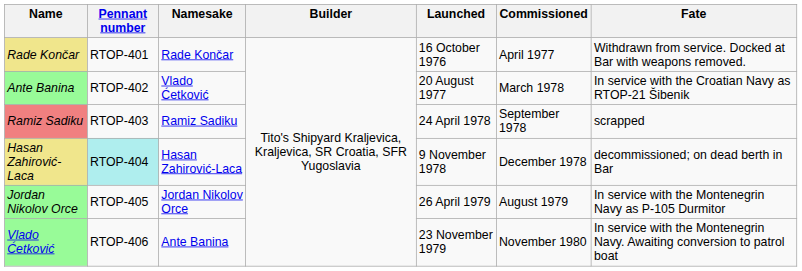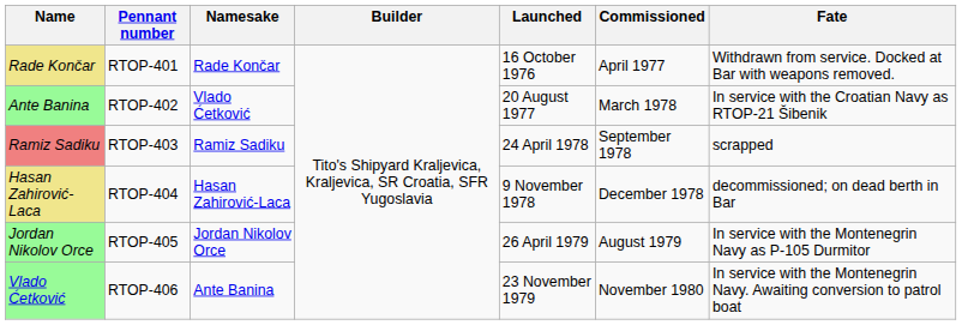 <table class=wikitable width=65%>
 <tr valign=top>
 <th>Name</th>
 <th><a href='#'>Pennant number</a></th>
 <th>Namesake</th>
 <th>Builder</th>
 <th>Launched</th>
 <th>Commissioned</th>
 <th>Fate</th>
 </tr>
 <tr valign=middle>
 <td style="background:Khaki;"><em>Rade Končar</em></td>
 <td>RTOP-401</td>
 <td><a href='#'>Rade Končar</a></td>
 <td align=center rowspan=6>Tito's Shipyard Kraljevica, Kraljevica, SR Croatia, SFR Yugoslavia</td>
 <td>16 October 1976</td>
 <td>April 1977</td>
 <td>Withdrawn from service.  Docked at Bar with weapons removed.</td>
 </tr>
 <tr valign=middle>
 <td style="background:PaleGreen;"><em>Ante Banina</em></td>
 <td>RTOP-402</td>
 <td><a href='#'>Vlado Ćetković</a></td>
 <td>20 August 1977</td>
 <td>March 1978</td>
 <td>In service with the Croatian Navy as RTOP-21 Šibenik</td>
 </tr>
 <tr valign=middle>
 <td style="background:LightCoral;"><em>Ramiz Sadiku</em></td>
 <td>RTOP-403</td>
 <td><a href='#'>Ramiz Sadiku</a></td>
 <td>24 April 1978</td>
 <td>September 1978</td>
 <td>scrapped</td>
 </tr>
 <tr valign=middle>
 <td style="background:Khaki;"><em>Hasan Zahirović-Laca</em></td>
-<td style="background: paleturquoise;">RTOP-404</td>
+<td>RTOP-404</td>
 <td><a href='#'>Hasan Zahirović-Laca</a></td>
 <td>9 November 1978</td>
 <td>December 1978</td>
 <td>decommissioned; on dead berth in Bar</td>
 </tr>
 <tr valign=middle>
 <td style="background:PaleGreen;"><em>Jordan Nikolov Orce</em></td>
 <td>RTOP-405</td>
 <td><a href='#'>Jordan Nikolov Orce</a></td>
 <td>26 April 1979</td>
 <td>August 1979</td>
 <td>In service with the Montenegrin Navy as P-105 Durmitor</td>
 </tr>
 <tr valign=middle>
 <td style="background:PaleGreen;"><a href='#'><em>Vlado Ćetković</em></a></td>
 <td>RTOP-406</td>
 <td><a href='#'>Ante Banina</a></td>
 <td>23 November 1979</td>
 <td>November 1980</td>
 <td>In service with the Montenegrin Navy.  Awaiting conversion to patrol boat</td>
 </tr>
 </table>
